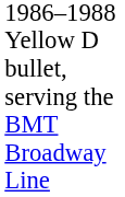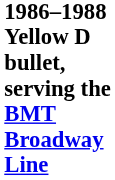 <table width="90">
 <tr>
 <td></td>
 </tr>
 <tr>
-<td><div>1986–1988 Yellow D bullet, serving the <a href='#'>BMT Broadway Line</a></div></td>
+<td><strong><div>1986–1988 Yellow D bullet, serving the <a href='#'>BMT Broadway Line</a></div></strong></td>
 </tr>
 </table>
